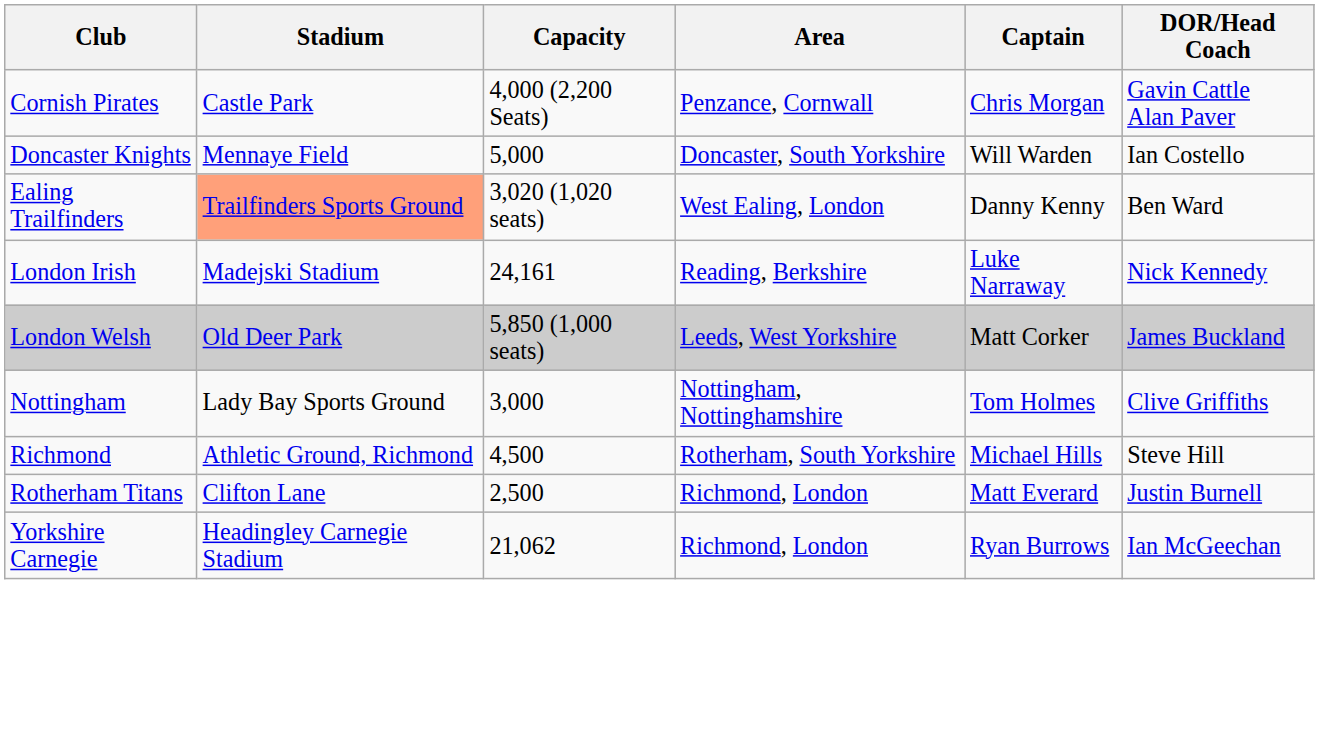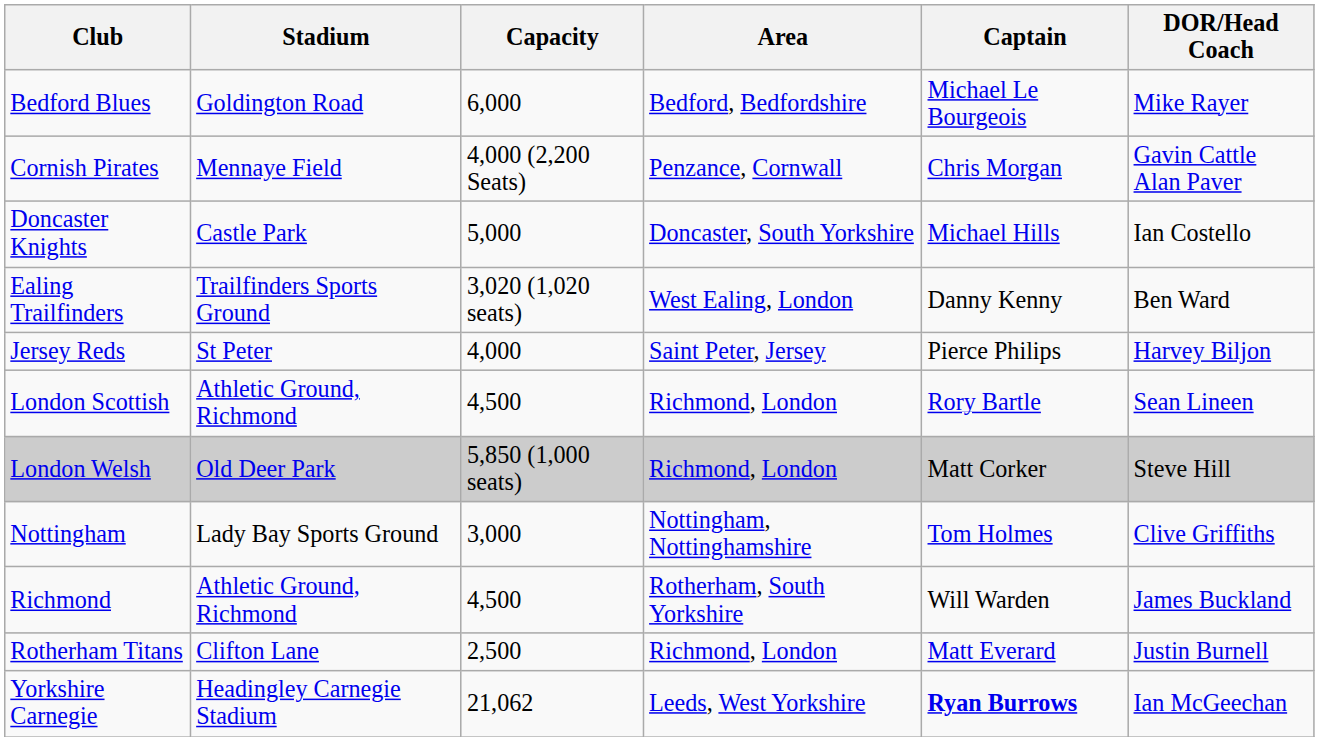 <table class="wikitable sortable">
 <tr>
 <th>Club</th>
 <th>Stadium</th>
 <th>Capacity</th>
 <th>Area</th>
 <th>Captain</th>
 <th>DOR/Head Coach</th>
 </tr>
 <tr>
+<td><a href='#'>Bedford Blues</a></td>
+<td><a href='#'>Goldington Road</a></td>
+<td style="text-align:left;">6,000</td>
+<td><a href='#'>Bedford</a>, <a href='#'>Bedfordshire</a></td>
+<td> <a href='#'>Michael Le Bourgeois</a></td>
+<td>  <a href='#'>Mike Rayer</a></td>
+</tr>
+<tr>
 <td><a href='#'>Cornish Pirates</a></td>
-<td><a href='#'>Castle Park</a></td>
+<td><a href='#'>Mennaye Field</a></td>
 <td style="text-align:left;">4,000 (2,200 Seats)</td>
 <td><a href='#'>Penzance</a>, <a href='#'>Cornwall</a></td>
 <td> <a href='#'>Chris Morgan</a></td>
 <td> <a href='#'>Gavin Cattle</a><br>  <a href='#'>Alan Paver</a></td>
 </tr>
 <tr>
 <td><a href='#'>Doncaster Knights</a></td>
-<td><a href='#'>Mennaye Field</a></td>
+<td><a href='#'>Castle Park</a></td>
 <td style="text-align:left;">5,000</td>
 <td><a href='#'>Doncaster</a>, <a href='#'>South Yorkshire</a></td>
-<td> Will Warden</td>
+<td> <a href='#'>Michael Hills</a></td>
 <td>Ian Costello</td>
 </tr>
 <tr>
 <td><a href='#'>Ealing Trailfinders</a></td>
-<td style="background: lightsalmon;"><a href='#'>Trailfinders Sports Ground</a></td>
+<td><a href='#'>Trailfinders Sports Ground</a></td>
 <td style="text-align:left;">3,020 (1,020 seats)</td>
 <td><a href='#'>West Ealing</a>, <a href='#'>London</a></td>
 <td> Danny Kenny</td>
 <td> Ben Ward</td>
 </tr>
 <tr>
-<td><a href='#'>London Irish</a></td>
-<td><a href='#'>Madejski Stadium</a></td>
-<td align=left>24,161</td>
-<td><a href='#'>Reading</a>, <a href='#'>Berkshire</a></td>
-<td> <a href='#'>Luke Narraway</a></td>
-<td> <a href='#'>Nick Kennedy</a></td>
+<td><a href='#'>Jersey Reds</a></td>
+<td><a href='#'>St Peter</a></td>
+<td style="text-align:left;">4,000</td>
+<td><a href='#'>Saint Peter</a>, <a href='#'>Jersey</a></td>
+<td> Pierce Philips</td>
+<td> <a href='#'>Harvey Biljon</a></td>
+</tr>
+<tr>
+<td><a href='#'>London Scottish</a></td>
+<td><a href='#'>Athletic Ground, Richmond</a></td>
+<td style="text-align:left;">4,500</td>
+<td><a href='#'>Richmond</a>, <a href='#'>London</a></td>
+<td> <a href='#'>Rory Bartle</a></td>
+<td> <a href='#'>Sean Lineen</a></td>
 </tr>
 <tr style="background-color:#cccccc;">
 <td><a href='#'>London Welsh</a></td>
 <td><a href='#'>Old Deer Park</a></td>
 <td style="text-align:left;">5,850 (1,000 seats)</td>
-<td><a href='#'>Leeds</a>, <a href='#'>West Yorkshire</a></td>
+<td><a href='#'>Richmond</a>, <a href='#'>London</a></td>
 <td> Matt Corker</td>
-<td> <a href='#'>James Buckland</a></td>
+<td> Steve Hill</td>
 </tr>
 <tr>
 <td><a href='#'>Nottingham</a></td>
 <td>Lady Bay Sports Ground</td>
 <td style="text-align:left;">3,000</td>
 <td><a href='#'>Nottingham</a>, <a href='#'>Nottinghamshire</a></td>
 <td> <a href='#'>Tom Holmes</a></td>
 <td> <a href='#'>Clive Griffiths</a></td>
 </tr>
 <tr>
 <td><a href='#'>Richmond</a></td>
 <td><a href='#'>Athletic Ground, Richmond</a></td>
 <td style="text-align:left;">4,500</td>
 <td><a href='#'>Rotherham</a>, <a href='#'>South Yorkshire</a></td>
-<td> <a href='#'>Michael Hills</a></td>
-<td> Steve Hill</td>
+<td> Will Warden</td>
+<td> <a href='#'>James Buckland</a></td>
 </tr>
 <tr>
 <td><a href='#'>Rotherham Titans</a></td>
 <td><a href='#'>Clifton Lane</a></td>
 <td style="text-align:left;">2,500</td>
 <td><a href='#'>Richmond</a>, <a href='#'>London</a></td>
 <td> <a href='#'>Matt Everard</a></td>
 <td> <a href='#'>Justin Burnell</a></td>
 </tr>
 <tr>
 <td><a href='#'>Yorkshire Carnegie</a></td>
 <td><a href='#'>Headingley Carnegie Stadium</a></td>
 <td style="text-align:left;">21,062</td>
-<td><a href='#'>Richmond</a>, <a href='#'>London</a></td>
-<td> <a href='#'>Ryan Burrows</a></td>
+<td><a href='#'>Leeds</a>, <a href='#'>West Yorkshire</a></td>
+<td><strong> <a href='#'>Ryan Burrows</a></strong></td>
 <td> <a href='#'>Ian McGeechan</a></td>
 </tr>
 </table>
